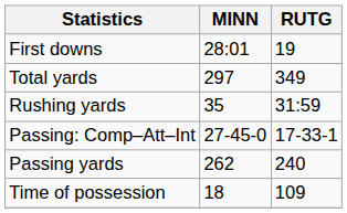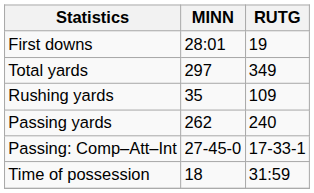 <table class="wikitable" style="float: left;">
 <tr>
 <th>Statistics</th>
 <th>MINN</th>
 <th>RUTG</th>
 </tr>
 <tr>
 <td>First downs</td>
 <td>28:01</td>
 <td>19</td>
 </tr>
 <tr>
 <td>Total yards</td>
 <td>297</td>
 <td>349</td>
 </tr>
 <tr>
 <td>Rushing yards</td>
 <td>35</td>
-<td>31:59</td>
+<td>109</td>
+</tr>
+<tr>
+<td>Passing yards</td>
+<td>262</td>
+<td>240</td>
 </tr>
 <tr>
 <td>Passing: Comp–Att–Int</td>
 <td>27-45-0</td>
 <td>17-33-1</td>
 </tr>
 <tr>
-<td>Passing yards</td>
-<td>262</td>
-<td>240</td>
-</tr>
-<tr>
 <td>Time of possession</td>
 <td>18</td>
-<td>109</td>
+<td>31:59</td>
 </tr>
 <tr>
 </tr>
 </table>
